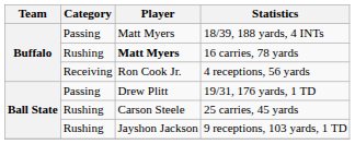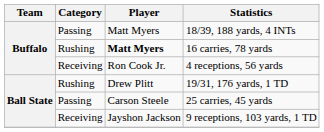 <table class="wikitable" style="float: left;">
 <tr>
 <th>Team</th>
 <th>Category</th>
 <th>Player</th>
 <th>Statistics</th>
 </tr>
 <tr>
 <th rowspan=3>Buffalo</th>
 <td>Passing</td>
 <td>Matt Myers</td>
 <td>18/39, 188 yards, 4 INTs</td>
 </tr>
 <tr>
 <td>Rushing</td>
 <td><strong>Matt Myers</strong></td>
 <td>16 carries, 78 yards</td>
 </tr>
 <tr>
 <td>Receiving</td>
 <td>Ron Cook Jr.</td>
 <td>4 receptions, 56 yards</td>
 </tr>
 <tr>
 <th rowspan=3 style=>Ball State</th>
-<td>Passing</td>
+<td>Rushing</td>
 <td>Drew Plitt</td>
 <td>19/31, 176 yards, 1 TD</td>
 </tr>
 <tr>
-<td>Rushing</td>
+<td>Passing</td>
 <td>Carson Steele</td>
 <td>25 carries, 45 yards</td>
 </tr>
 <tr>
-<td>Rushing</td>
+<td>Receiving</td>
 <td>Jayshon Jackson</td>
 <td>9 receptions, 103 yards, 1 TD</td>
 </tr>
 <tr>
 </tr>
 </table>
